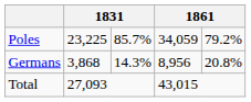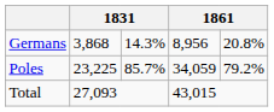 <table class="wikitable">
 <tr>
 <th></th>
 <th colspan="2">1831</th>
 <th colspan="2">1861</th>
+</tr>
+<tr>
+<td><a href='#'>Germans</a></td>
+<td>3,868</td>
+<td>14.3%</td>
+<td>8,956</td>
+<td>20.8%</td>
 </tr>
 <tr>
 <td><a href='#'>Poles</a></td>
 <td>23,225</td>
 <td>85.7%</td>
 <td>34,059</td>
 <td>79.2%</td>
 </tr>
 <tr>
-<td><a href='#'>Germans</a></td>
-<td>3,868</td>
-<td>14.3%</td>
-<td>8,956</td>
-<td>20.8%</td>
-</tr>
-<tr>
 <td>Total</td>
 <td colspan="2">27,093</td>
 <td colspan="2">43,015</td>
 </tr>
 </table>
